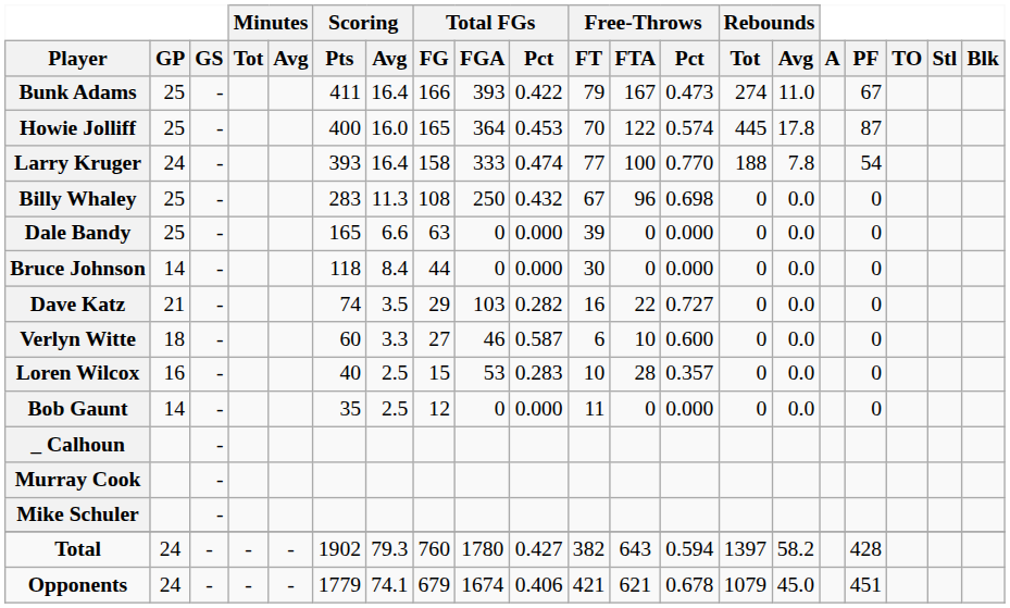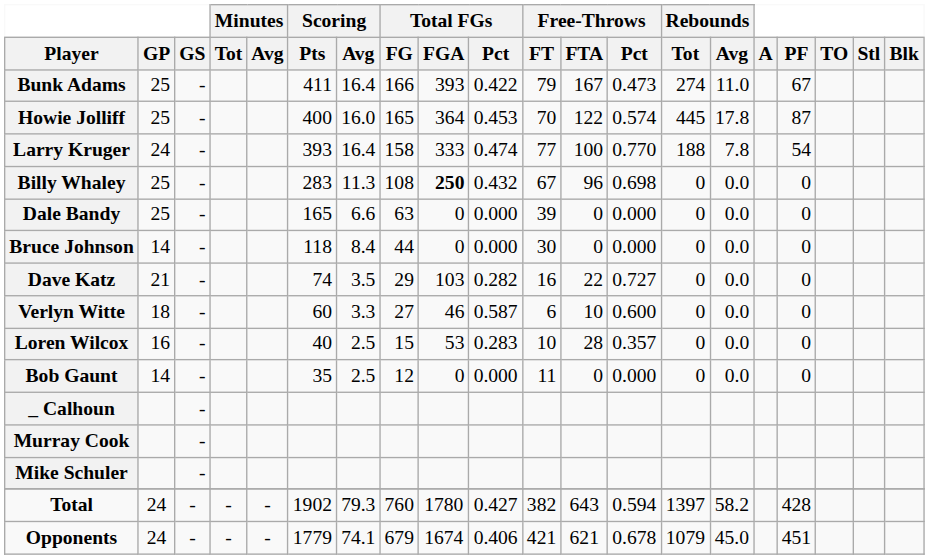 <table class="wikitable sortable" border="1" style="font-size:90%;">
 <tr>
 <th colspan="3" style="border-top-style:hidden; border-left-style:hidden; background: white;"></th>
 <th colspan="2" style=>Minutes</th>
 <th colspan="2" style=>Scoring</th>
 <th colspan="3" style=>Total FGs</th>
 <th colspan="3" style=>Free-Throws</th>
 <th colspan="2" style=>Rebounds</th>
 <th colspan="5" style="border-top-style:hidden; border-right-style:hidden; background: white;"></th>
 </tr>
 <tr>
 <th scope="col" style=>Player</th>
 <th scope="col" style=>GP</th>
 <th scope="col" style=>GS</th>
 <th scope="col" style=>Tot</th>
 <th scope="col" style=>Avg</th>
 <th scope="col" style=>Pts</th>
 <th scope="col" style=>Avg</th>
 <th scope="col" style=>FG</th>
 <th scope="col" style=>FGA</th>
 <th scope="col" style=>Pct</th>
 <th scope="col" style=>FT</th>
 <th scope="col" style=>FTA</th>
 <th scope="col" style=>Pct</th>
 <th scope="col" style=>Tot</th>
 <th scope="col" style=>Avg</th>
 <th scope="col" style=>A</th>
 <th scope="col" style=>PF</th>
 <th scope="col" style=>TO</th>
 <th scope="col" style=>Stl</th>
 <th scope="col" style=>Blk</th>
 </tr>
 <tr>
 <th>Bunk Adams</th>
 <td align="right">25</td>
 <td align="right">-</td>
 <td align="right"></td>
 <td align="right"></td>
 <td align="right">411</td>
 <td align="right">16.4</td>
 <td align="right">166</td>
 <td align="right">393</td>
 <td align="right">0.422</td>
 <td align="right">79</td>
 <td align="right">167</td>
 <td align="right">0.473</td>
 <td align="right">274</td>
 <td align="right">11.0</td>
 <td align="right"></td>
 <td align="right">67</td>
 <td align="right"></td>
 <td align="right"></td>
 <td align="right"></td>
 </tr>
 <tr>
 <th>Howie Jolliff</th>
 <td align="right">25</td>
 <td align="right">-</td>
 <td align="right"></td>
 <td align="right"></td>
 <td align="right">400</td>
 <td align="right">16.0</td>
 <td align="right">165</td>
 <td align="right">364</td>
 <td align="right">0.453</td>
 <td align="right">70</td>
 <td align="right">122</td>
 <td align="right">0.574</td>
 <td align="right">445</td>
 <td align="right">17.8</td>
 <td align="right"></td>
 <td align="right">87</td>
 <td align="right"></td>
 <td align="right"></td>
 <td align="right"></td>
 </tr>
 <tr>
 <th>Larry Kruger</th>
 <td align="right">24</td>
 <td align="right">-</td>
 <td align="right"></td>
 <td align="right"></td>
 <td align="right">393</td>
 <td align="right">16.4</td>
 <td align="right">158</td>
 <td align="right">333</td>
 <td align="right">0.474</td>
 <td align="right">77</td>
 <td align="right">100</td>
 <td align="right">0.770</td>
 <td align="right">188</td>
 <td align="right">7.8</td>
 <td align="right"></td>
 <td align="right">54</td>
 <td align="right"></td>
 <td align="right"></td>
 <td align="right"></td>
 </tr>
 <tr>
 <th>Billy Whaley</th>
 <td align="right">25</td>
 <td align="right">-</td>
 <td align="right"></td>
 <td align="right"></td>
 <td align="right">283</td>
 <td align="right">11.3</td>
 <td align="right">108</td>
-<td align="right">250</td>
+<td align="right"><strong>250</strong></td>
 <td align="right">0.432</td>
 <td align="right">67</td>
 <td align="right">96</td>
 <td align="right">0.698</td>
 <td align="right">0</td>
 <td align="right">0.0</td>
 <td align="right"></td>
 <td align="right">0</td>
 <td align="right"></td>
 <td align="right"></td>
 <td align="right"></td>
 </tr>
 <tr>
 <th>Dale Bandy</th>
 <td align="right">25</td>
 <td align="right">-</td>
 <td align="right"></td>
 <td align="right"></td>
 <td align="right">165</td>
 <td align="right">6.6</td>
 <td align="right">63</td>
 <td align="right">0</td>
 <td align="right">0.000</td>
 <td align="right">39</td>
 <td align="right">0</td>
 <td align="right">0.000</td>
 <td align="right">0</td>
 <td align="right">0.0</td>
 <td align="right"></td>
 <td align="right">0</td>
 <td align="right"></td>
 <td align="right"></td>
 <td align="right"></td>
 </tr>
 <tr>
 <th>Bruce Johnson</th>
 <td align="right">14</td>
 <td align="right">-</td>
 <td align="right"></td>
 <td align="right"></td>
 <td align="right">118</td>
 <td align="right">8.4</td>
 <td align="right">44</td>
 <td align="right">0</td>
 <td align="right">0.000</td>
 <td align="right">30</td>
 <td align="right">0</td>
 <td align="right">0.000</td>
 <td align="right">0</td>
 <td align="right">0.0</td>
 <td align="right"></td>
 <td align="right">0</td>
 <td align="right"></td>
 <td align="right"></td>
 <td align="right"></td>
 </tr>
 <tr>
 <th>Dave Katz</th>
 <td align="right">21</td>
 <td align="right">-</td>
 <td align="right"></td>
 <td align="right"></td>
 <td align="right">74</td>
 <td align="right">3.5</td>
 <td align="right">29</td>
 <td align="right">103</td>
 <td align="right">0.282</td>
 <td align="right">16</td>
 <td align="right">22</td>
 <td align="right">0.727</td>
 <td align="right">0</td>
 <td align="right">0.0</td>
 <td align="right"></td>
 <td align="right">0</td>
 <td align="right"></td>
 <td align="right"></td>
 <td align="right"></td>
 </tr>
 <tr>
 <th>Verlyn Witte</th>
 <td align="right">18</td>
 <td align="right">-</td>
 <td align="right"></td>
 <td align="right"></td>
 <td align="right">60</td>
 <td align="right">3.3</td>
 <td align="right">27</td>
 <td align="right">46</td>
 <td align="right">0.587</td>
 <td align="right">6</td>
 <td align="right">10</td>
 <td align="right">0.600</td>
 <td align="right">0</td>
 <td align="right">0.0</td>
 <td align="right"></td>
 <td align="right">0</td>
 <td align="right"></td>
 <td align="right"></td>
 <td align="right"></td>
 </tr>
 <tr>
 <th>Loren Wilcox</th>
 <td align="right">16</td>
 <td align="right">-</td>
 <td align="right"></td>
 <td align="right"></td>
 <td align="right">40</td>
 <td align="right">2.5</td>
 <td align="right">15</td>
 <td align="right">53</td>
 <td align="right">0.283</td>
 <td align="right">10</td>
 <td align="right">28</td>
 <td align="right">0.357</td>
 <td align="right">0</td>
 <td align="right">0.0</td>
 <td align="right"></td>
 <td align="right">0</td>
 <td align="right"></td>
 <td align="right"></td>
 <td align="right"></td>
 </tr>
 <tr>
 <th>Bob Gaunt</th>
 <td align="right">14</td>
 <td align="right">-</td>
 <td align="right"></td>
 <td align="right"></td>
 <td align="right">35</td>
 <td align="right">2.5</td>
 <td align="right">12</td>
 <td align="right">0</td>
 <td align="right">0.000</td>
 <td align="right">11</td>
 <td align="right">0</td>
 <td align="right">0.000</td>
 <td align="right">0</td>
 <td align="right">0.0</td>
 <td align="right"></td>
 <td align="right">0</td>
 <td align="right"></td>
 <td align="right"></td>
 <td align="right"></td>
 </tr>
 <tr>
 <th>_ Calhoun</th>
 <td align="right"></td>
 <td align="right">-</td>
 <td align="right"></td>
 <td align="right"></td>
 <td align="right"></td>
 <td align="right"></td>
 <td align="right"></td>
 <td align="right"></td>
 <td align="right"></td>
 <td align="right"></td>
 <td align="right"></td>
 <td align="right"></td>
 <td align="right"></td>
 <td align="right"></td>
 <td align="right"></td>
 <td align="right"></td>
 <td align="right"></td>
 <td align="right"></td>
 <td align="right"></td>
 </tr>
 <tr>
 <th>Murray Cook</th>
 <td align="right"></td>
 <td align="right">-</td>
 <td align="right"></td>
 <td align="right"></td>
 <td align="right"></td>
 <td align="right"></td>
 <td align="right"></td>
 <td align="right"></td>
 <td align="right"></td>
 <td align="right"></td>
 <td align="right"></td>
 <td align="right"></td>
 <td align="right"></td>
 <td align="right"></td>
 <td align="right"></td>
 <td align="right"></td>
 <td align="right"></td>
 <td align="right"></td>
 <td align="right"></td>
 </tr>
 <tr>
 <th>Mike Schuler</th>
 <td align="right"></td>
 <td align="right">-</td>
 <td align="right"></td>
 <td align="right"></td>
 <td align="right"></td>
 <td align="right"></td>
 <td align="right"></td>
 <td align="right"></td>
 <td align="right"></td>
 <td align="right"></td>
 <td align="right"></td>
 <td align="right"></td>
 <td align="right"></td>
 <td align="right"></td>
 <td align="right"></td>
 <td align="right"></td>
 <td align="right"></td>
 <td align="right"></td>
 <td align="right"></td>
 </tr>
 <tr>
 </tr>
 <tr class="sortbottom">
 <td align="center" style=><strong>Total</strong></td>
 <td align="center" style=>24</td>
 <td align="center" style=>-</td>
 <td align="center" style=>-</td>
 <td align="center" style=>-</td>
 <td align="center" style=>1902</td>
 <td align="center" style=>79.3</td>
 <td align="center" style=>760</td>
 <td align="center" style=>1780</td>
 <td align="center" style=>0.427</td>
 <td align="center" style=>382</td>
 <td align="center" style=>643</td>
 <td align="center" style=>0.594</td>
 <td align="center" style=>1397</td>
 <td align="center" style=>58.2</td>
 <td align="center" style=></td>
 <td align="center" style=>428</td>
 <td align="center" style=></td>
 <td align="center" style=></td>
 <td align="center" style=></td>
 </tr>
 <tr class="sortbottom">
 <td align="center"><strong>Opponents</strong></td>
 <td align="center">24</td>
 <td align="center">-</td>
 <td align="center">-</td>
 <td align="center">-</td>
 <td align="center">1779</td>
 <td align="center">74.1</td>
 <td align="center">679</td>
 <td align="center">1674</td>
 <td align="center">0.406</td>
 <td align="center">421</td>
 <td align="center">621</td>
 <td align="center">0.678</td>
 <td align="center">1079</td>
 <td align="center">45.0</td>
 <td align="center"></td>
 <td align="center">451</td>
 <td align="center"></td>
 <td align="center"></td>
 <td align="center"></td>
 </tr>
 </table>
